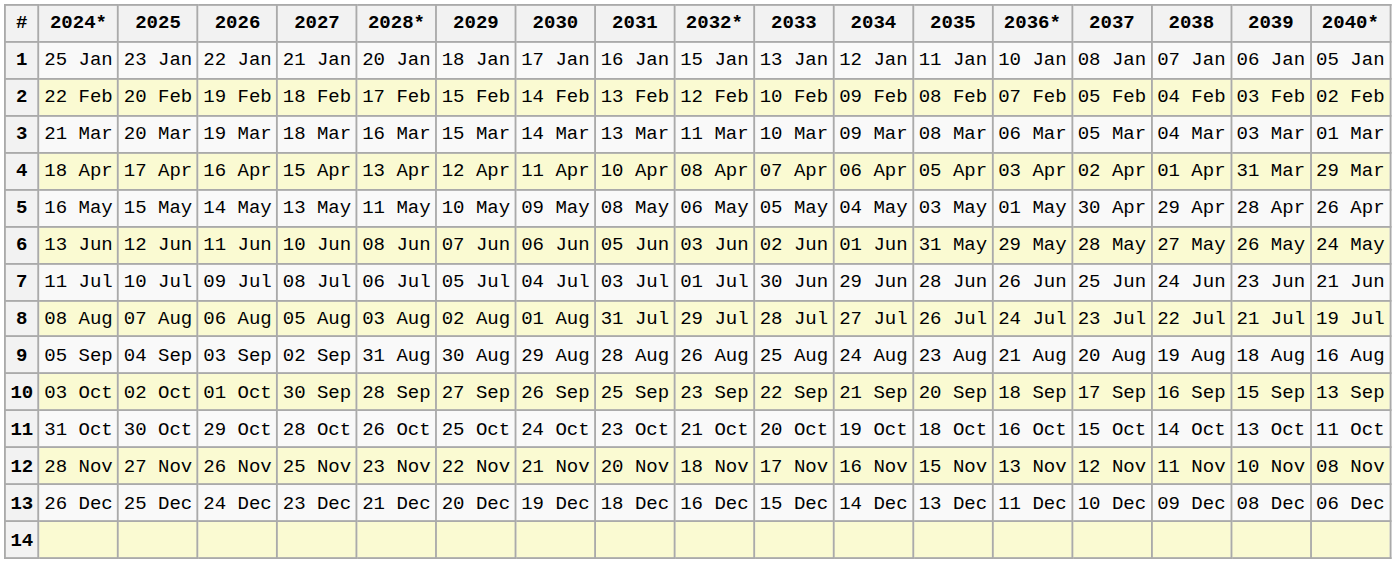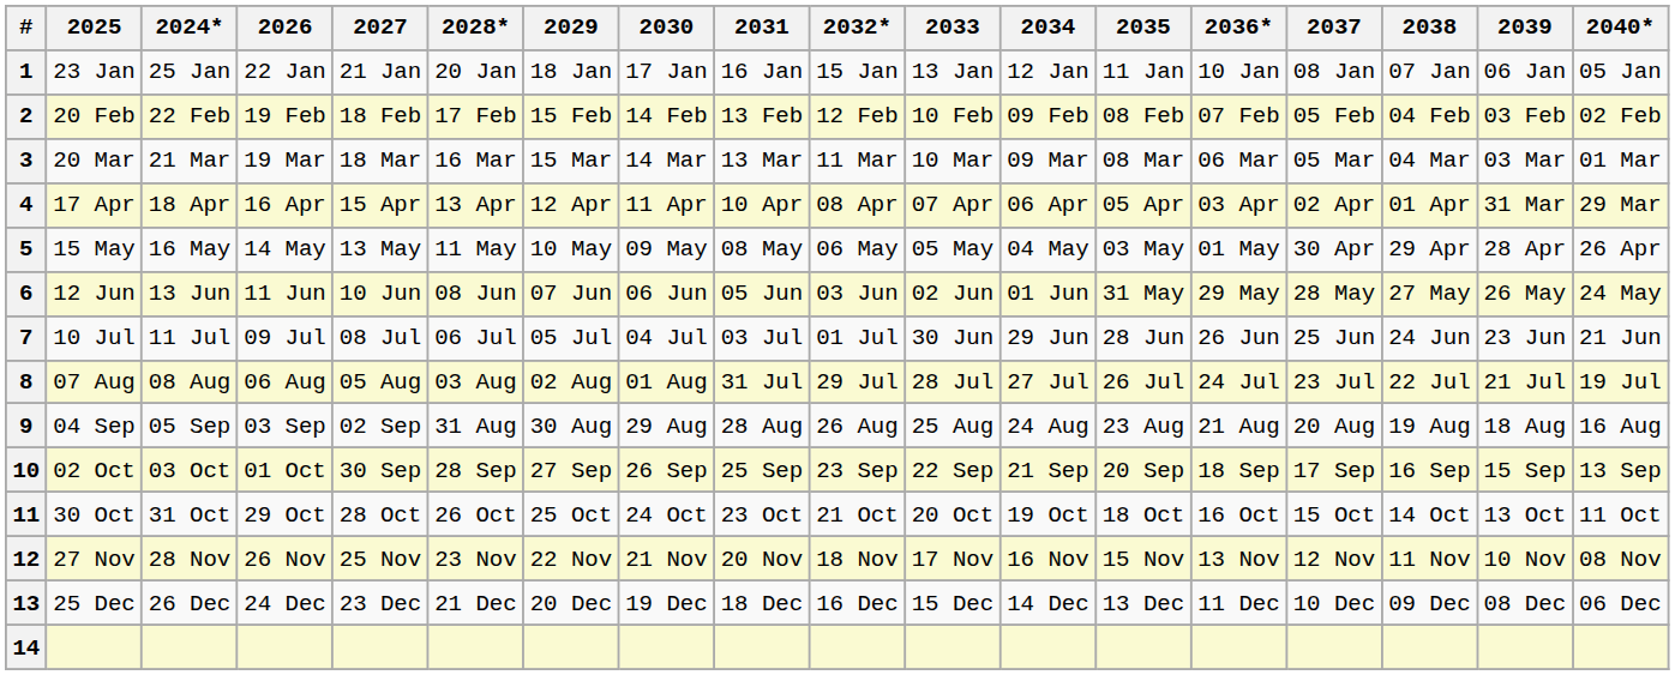 <table class="wikitable" style="font-family: monospace; font-size:95%;">
 <tr>
 <th><small>#</small></th>
+<th><small>2025</small></th>
 <th><small>2024*</small></th>
-<th><small>2025</small></th>
 <th><small>2026</small></th>
 <th><small>2027</small></th>
 <th><small>2028*</small></th>
 <th><small>2029</small></th>
 <th><small>2030</small></th>
 <th><small>2031</small></th>
 <th><small>2032*</small></th>
 <th><small>2033</small></th>
 <th><small>2034</small></th>
 <th><small>2035</small></th>
 <th><small>2036*</small></th>
 <th><small>2037</small></th>
 <th><small>2038</small></th>
 <th><small>2039</small></th>
 <th><small>2040*</small></th>
 </tr>
 <tr>
 <th><small>1</small></th>
+<td><small>23 Jan</small></td>
 <td><small>25 Jan</small></td>
-<td><small>23 Jan</small></td>
 <td><small>22 Jan</small></td>
 <td><small>21 Jan</small></td>
 <td><small>20 Jan</small></td>
 <td><small>18 Jan</small></td>
 <td><small>17 Jan</small></td>
 <td><small>16 Jan</small></td>
 <td><small>15 Jan</small></td>
 <td><small>13 Jan</small></td>
 <td><small>12 Jan</small></td>
 <td><small>11 Jan</small></td>
 <td><small>10 Jan</small></td>
 <td><small>08 Jan</small></td>
 <td><small>07 Jan</small></td>
 <td><small>06 Jan</small></td>
 <td><small>05 Jan</small></td>
 </tr>
 <tr style="background:#FAFAD2">
 <th><small>2</small></th>
+<td><small>20 Feb</small></td>
 <td><small>22 Feb</small></td>
-<td><small>20 Feb</small></td>
 <td><small>19 Feb</small></td>
 <td><small>18 Feb</small></td>
 <td><small>17 Feb</small></td>
 <td><small>15 Feb</small></td>
 <td><small>14 Feb</small></td>
 <td><small>13 Feb</small></td>
 <td><small>12 Feb</small></td>
 <td><small>10 Feb</small></td>
 <td><small>09 Feb</small></td>
 <td><small>08 Feb</small></td>
 <td><small>07 Feb</small></td>
 <td><small>05 Feb</small></td>
 <td><small>04 Feb</small></td>
 <td><small>03 Feb</small></td>
 <td><small>02 Feb</small></td>
 </tr>
 <tr>
 <th><small>3</small></th>
+<td><small>20 Mar</small></td>
 <td><small>21 Mar</small></td>
-<td><small>20 Mar</small></td>
 <td><small>19 Mar</small></td>
 <td><small>18 Mar</small></td>
 <td><small>16 Mar</small></td>
 <td><small>15 Mar</small></td>
 <td><small>14 Mar</small></td>
 <td><small>13 Mar</small></td>
 <td><small>11 Mar</small></td>
 <td><small>10 Mar</small></td>
 <td><small>09 Mar</small></td>
 <td><small>08 Mar</small></td>
 <td><small>06 Mar</small></td>
 <td><small>05 Mar</small></td>
 <td><small>04 Mar</small></td>
 <td><small>03 Mar</small></td>
 <td><small>01 Mar</small></td>
 </tr>
 <tr style="background:#FAFAD2">
 <th><small>4</small></th>
+<td><small>17 Apr</small></td>
 <td><small>18 Apr</small></td>
-<td><small>17 Apr</small></td>
 <td><small>16 Apr</small></td>
 <td><small>15 Apr</small></td>
 <td><small>13 Apr</small></td>
 <td><small>12 Apr</small></td>
 <td><small>11 Apr</small></td>
 <td><small>10 Apr</small></td>
 <td><small>08 Apr</small></td>
 <td><small>07 Apr</small></td>
 <td><small>06 Apr</small></td>
 <td><small>05 Apr</small></td>
 <td><small>03 Apr</small></td>
 <td><small>02 Apr</small></td>
 <td><small>01 Apr</small></td>
 <td><small>31 Mar</small></td>
 <td><small>29 Mar</small></td>
 </tr>
 <tr>
 <th><small>5</small></th>
+<td><small>15 May</small></td>
 <td><small>16 May</small></td>
-<td><small>15 May</small></td>
 <td><small>14 May</small></td>
 <td><small>13 May</small></td>
 <td><small>11 May</small></td>
 <td><small>10 May</small></td>
 <td><small>09 May</small></td>
 <td><small>08 May</small></td>
 <td><small>06 May</small></td>
 <td><small>05 May</small></td>
 <td><small>04 May</small></td>
 <td><small>03 May</small></td>
 <td><small>01 May</small></td>
 <td><small>30 Apr</small></td>
 <td><small>29 Apr</small></td>
 <td><small>28 Apr</small></td>
 <td><small>26 Apr</small></td>
 </tr>
 <tr style="background:#FAFAD2">
 <th><small>6</small></th>
+<td><small>12 Jun</small></td>
 <td><small>13 Jun</small></td>
-<td><small>12 Jun</small></td>
 <td><small>11 Jun</small></td>
 <td><small>10 Jun</small></td>
 <td><small>08 Jun</small></td>
 <td><small>07 Jun</small></td>
 <td><small>06 Jun</small></td>
 <td><small>05 Jun</small></td>
 <td><small>03 Jun</small></td>
 <td><small>02 Jun</small></td>
 <td><small>01 Jun</small></td>
 <td><small>31 May</small></td>
 <td><small>29 May</small></td>
 <td><small>28 May</small></td>
 <td><small>27 May</small></td>
 <td><small>26 May</small></td>
 <td><small>24 May</small></td>
 </tr>
 <tr>
 <th><small>7</small></th>
+<td><small>10 Jul</small></td>
 <td><small>11 Jul</small></td>
-<td><small>10 Jul</small></td>
 <td><small>09 Jul</small></td>
 <td><small>08 Jul</small></td>
 <td><small>06 Jul</small></td>
 <td><small>05 Jul</small></td>
 <td><small>04 Jul</small></td>
 <td><small>03 Jul</small></td>
 <td><small>01 Jul</small></td>
 <td><small>30 Jun</small></td>
 <td><small>29 Jun</small></td>
 <td><small>28 Jun</small></td>
 <td><small>26 Jun</small></td>
 <td><small>25 Jun</small></td>
 <td><small>24 Jun</small></td>
 <td><small>23 Jun</small></td>
 <td><small>21 Jun</small></td>
 </tr>
 <tr style="background:#FAFAD2">
 <th><small>8</small></th>
+<td><small>07 Aug</small></td>
 <td><small>08 Aug</small></td>
-<td><small>07 Aug</small></td>
 <td><small>06 Aug</small></td>
 <td><small>05 Aug</small></td>
 <td><small>03 Aug</small></td>
 <td><small>02 Aug</small></td>
 <td><small>01 Aug</small></td>
 <td><small>31 Jul</small></td>
 <td><small>29 Jul</small></td>
 <td><small>28 Jul</small></td>
 <td><small>27 Jul</small></td>
 <td><small>26 Jul</small></td>
 <td><small>24 Jul</small></td>
 <td><small>23 Jul</small></td>
 <td><small>22 Jul</small></td>
 <td><small>21 Jul</small></td>
 <td><small>19 Jul</small></td>
 </tr>
 <tr>
 <th><small>9</small></th>
+<td><small>04 Sep</small></td>
 <td><small>05 Sep</small></td>
-<td><small>04 Sep</small></td>
 <td><small>03 Sep</small></td>
 <td><small>02 Sep</small></td>
 <td><small>31 Aug</small></td>
 <td><small>30 Aug</small></td>
 <td><small>29 Aug</small></td>
 <td><small>28 Aug</small></td>
 <td><small>26 Aug</small></td>
 <td><small>25 Aug</small></td>
 <td><small>24 Aug</small></td>
 <td><small>23 Aug</small></td>
 <td><small>21 Aug</small></td>
 <td><small>20 Aug</small></td>
 <td><small>19 Aug</small></td>
 <td><small>18 Aug</small></td>
 <td><small>16 Aug</small></td>
 </tr>
 <tr style="background:#FAFAD2">
 <th><small>10</small></th>
+<td><small>02 Oct</small></td>
 <td><small>03 Oct</small></td>
-<td><small>02 Oct</small></td>
 <td><small>01 Oct</small></td>
 <td><small>30 Sep</small></td>
 <td><small>28 Sep</small></td>
 <td><small>27 Sep</small></td>
 <td><small>26 Sep</small></td>
 <td><small>25 Sep</small></td>
 <td><small>23 Sep</small></td>
 <td><small>22 Sep</small></td>
 <td><small>21 Sep</small></td>
 <td><small>20 Sep</small></td>
 <td><small>18 Sep</small></td>
 <td><small>17 Sep</small></td>
 <td><small>16 Sep</small></td>
 <td><small>15 Sep</small></td>
 <td><small>13 Sep</small></td>
 </tr>
 <tr>
 <th><small>11</small></th>
+<td><small>30 Oct</small></td>
 <td><small>31 Oct</small></td>
-<td><small>30 Oct</small></td>
 <td><small>29 Oct</small></td>
 <td><small>28 Oct</small></td>
 <td><small>26 Oct</small></td>
 <td><small>25 Oct</small></td>
 <td><small>24 Oct</small></td>
 <td><small>23 Oct</small></td>
 <td><small>21 Oct</small></td>
 <td><small>20 Oct</small></td>
 <td><small>19 Oct</small></td>
 <td><small>18 Oct</small></td>
 <td><small>16 Oct</small></td>
 <td><small>15 Oct</small></td>
 <td><small>14 Oct</small></td>
 <td><small>13 Oct</small></td>
 <td><small>11 Oct</small></td>
 </tr>
 <tr style="background:#FAFAD2">
 <th><small>12</small></th>
+<td><small>27 Nov</small></td>
 <td><small>28 Nov</small></td>
-<td><small>27 Nov</small></td>
 <td><small>26 Nov</small></td>
 <td><small>25 Nov</small></td>
 <td><small>23 Nov</small></td>
 <td><small>22 Nov</small></td>
 <td><small>21 Nov</small></td>
 <td><small>20 Nov</small></td>
 <td><small>18 Nov</small></td>
 <td><small>17 Nov</small></td>
 <td><small>16 Nov</small></td>
 <td><small>15 Nov</small></td>
 <td><small>13 Nov</small></td>
 <td><small>12 Nov</small></td>
 <td><small>11 Nov</small></td>
 <td><small>10 Nov</small></td>
 <td><small>08 Nov</small></td>
 </tr>
 <tr>
 <th><small>13</small></th>
+<td><small>25 Dec</small></td>
 <td><small>26 Dec</small></td>
-<td><small>25 Dec</small></td>
 <td><small>24 Dec</small></td>
 <td><small>23 Dec</small></td>
 <td><small>21 Dec</small></td>
 <td><small>20 Dec</small></td>
 <td><small>19 Dec</small></td>
 <td><small>18 Dec</small></td>
 <td><small>16 Dec</small></td>
 <td><small>15 Dec</small></td>
 <td><small>14 Dec</small></td>
 <td><small>13 Dec</small></td>
 <td><small>11 Dec</small></td>
 <td><small>10 Dec</small></td>
 <td><small>09 Dec</small></td>
 <td><small>08 Dec</small></td>
 <td><small>06 Dec</small></td>
 </tr>
 <tr style="background:#FAFAD2">
 <th><small>14</small></th>
 <td></td>
 <td></td>
 <td></td>
 <td></td>
 <td></td>
 <td></td>
 <td></td>
 <td></td>
 <td></td>
 <td></td>
 <td></td>
 <td></td>
 <td></td>
 <td></td>
 <td></td>
 <td></td>
 <td></td>
 </tr>
 </table>
